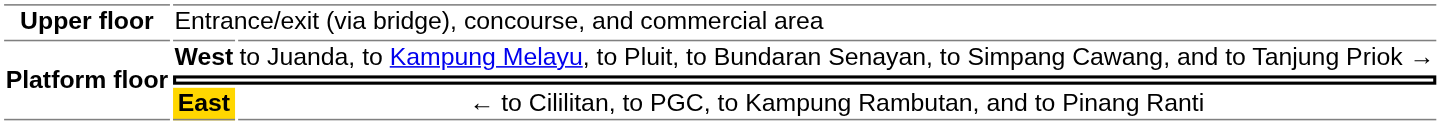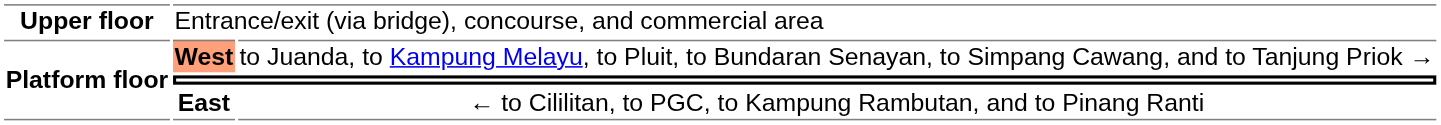 <table>
 <tr>
 <td style="text-align:center;border-top:solid 1px gray"><strong>Upper floor</strong></td>
 <td colspan="2" style="border-top:solid 1px gray">Entrance/exit (via bridge), concourse, and commercial area</td>
 </tr>
 <tr>
 <td rowspan="3" style="text-align:center;border-top:solid 1px gray;border-bottom:solid 1px gray"><strong>Platform floor</strong></td>
-<td style="text-align:center;border-top:solid 1px gray"><strong>West</strong></td>
+<td style="background: lightsalmon; text-align:center;border-top:solid 1px gray"><strong>West</strong></td>
 <td style="text-align:center;border-top:solid 1px gray"> to Juanda,  to <a href='#'>Kampung Melayu</a>,  to Pluit,  to Bundaran Senayan,  to Simpang Cawang, and  to Tanjung Priok  →</td>
 </tr>
 <tr>
 <td colspan="2" style="text-align:center;border:solid 2px black"></td>
 </tr>
 <tr>
-<td style="background: gold; text-align:center;border-bottom:solid 1px gray"><strong>East</strong></td>
+<td style="text-align:center;border-bottom:solid 1px gray"><strong>East</strong></td>
 <td style="text-align:center;border-bottom:solid 1px gray">←   to Cililitan,  to PGC,  to Kampung Rambutan, and    to Pinang Ranti</td>
 </tr>
 </table>
